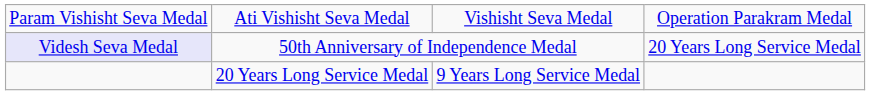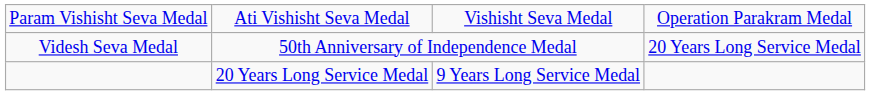 <table class="wikitable" style="margin:1em auto; text-align:center;">
 <tr>
 <td><a href='#'>Param Vishisht Seva Medal</a></td>
 <td><a href='#'>Ati Vishisht Seva Medal</a></td>
 <td><a href='#'>Vishisht Seva Medal</a></td>
 <td><a href='#'>Operation Parakram Medal</a></td>
 </tr>
 <tr>
-<td style="background: lavender;"><a href='#'>Videsh Seva Medal</a></td>
+<td><a href='#'>Videsh Seva Medal</a></td>
 <td colspan='2'><a href='#'>50th Anniversary of Independence Medal</a></td>
 <td><a href='#'>20 Years Long Service Medal</a></td>
 </tr>
 <tr>
 <td></td>
 <td><a href='#'>20 Years Long Service Medal</a></td>
 <td><a href='#'>9 Years Long Service Medal</a></td>
 <td></td>
 </tr>
 </table>
